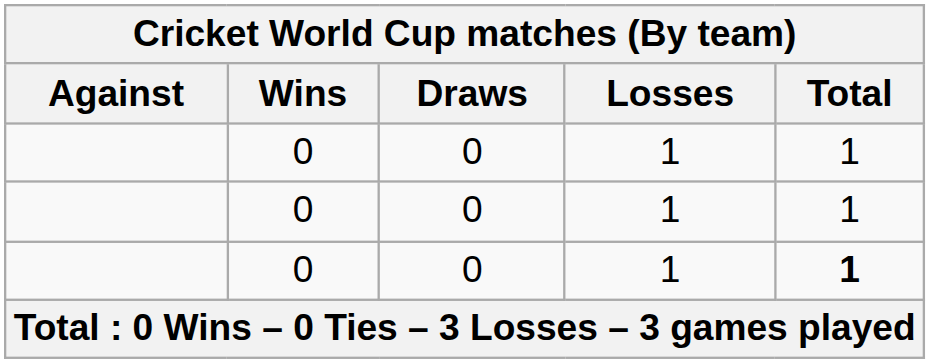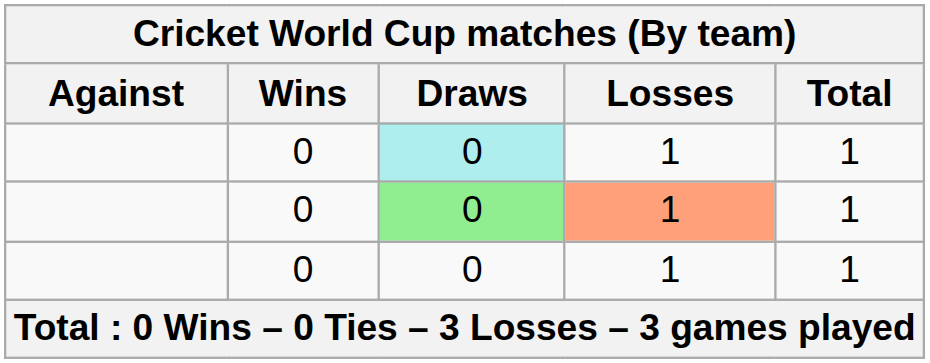 <table class="wikitable" style="text-align: center;">
 <tr>
 <th colspan=5>Cricket World Cup matches (By team)</th>
 </tr>
 <tr>
 <th>Against</th>
 <th>Wins</th>
 <th>Draws</th>
 <th>Losses</th>
 <th>Total</th>
 </tr>
 <tr>
 <td></td>
 <td>0</td>
+<td style="background: paleturquoise;">0</td>
+<td>1</td>
+<td>1</td>
+</tr>
+<tr>
+<td></td>
 <td>0</td>
-<td>1</td>
+<td style="background: lightgreen;">0</td>
+<td style="background: lightsalmon;">1</td>
 <td>1</td>
 </tr>
 <tr>
 <td></td>
 <td>0</td>
 <td>0</td>
 <td>1</td>
 <td>1</td>
 </tr>
 <tr>
-<td></td>
-<td>0</td>
-<td>0</td>
-<td>1</td>
-<td><strong>1</strong></td>
-</tr>
-<tr>
 <th colspan=5>Total : 0 Wins – 0 Ties – 3 Losses – 3 games played</th>
 </tr>
 </table>
